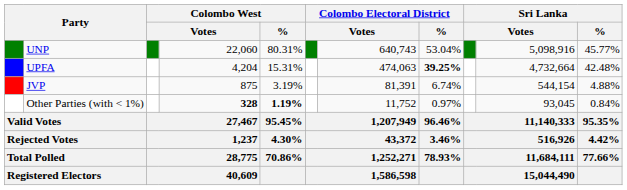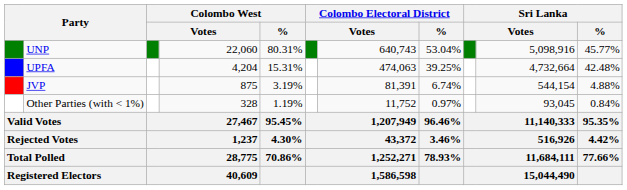 <table class="wikitable">
 <tr>
 <th colspan="2" width="144px"rowspan="2">Party</th>
 <th colspan="3" width="216px">Colombo West</th>
 <th colspan="3" width="216px"><a href='#'>Colombo Electoral District</a></th>
 <th colspan="3" width="216px">Sri Lanka</th>
 </tr>
 <tr>
 <th colspan="2" width="144px">Votes</th>
 <th>%</th>
 <th colspan="2" width="144px">Votes</th>
 <th>%</th>
 <th colspan="2" width="144px">Votes</th>
 <th>%</th>
 </tr>
 <tr>
 <td style="background-color:green;" width="20px"></td>
 <td style="text-align:left;"><a href='#'>UNP</a></td>
 <td style="background-color:green;" width="10px"></td>
 <td style="text-align:right;">22,060</td>
 <td style="text-align:right;">80.31%</td>
 <td style="background-color:green;" width="10px"></td>
 <td style="text-align:right;">640,743</td>
 <td style="text-align:right;">53.04%</td>
 <td style="background-color:green;" width="10px"></td>
 <td style="text-align:right;">5,098,916</td>
 <td style="text-align:right;">45.77%</td>
 </tr>
 <tr>
 <td style="background-color:blue;" width="20px"></td>
 <td style="text-align:left;"><a href='#'>UPFA</a></td>
 <td style="background-color:white;" width="10px"></td>
 <td style="text-align:right;">4,204</td>
 <td style="text-align:right;">15.31%</td>
 <td style="background-color:white;" width="10px"></td>
 <td style="text-align:right;">474,063</td>
-<td style="text-align:right;"><strong>39.25%</strong></td>
+<td style="text-align:right;">39.25%</td>
 <td style="background-color:white;" width="10px"></td>
 <td style="text-align:right;">4,732,664</td>
 <td style="text-align:right;">42.48%</td>
 </tr>
 <tr>
 <td style="background-color:red;" width="20px"></td>
 <td style="text-align:left;"><a href='#'>JVP</a></td>
 <td style="background-color:white;" width="10px"></td>
 <td style="text-align:right;">875</td>
 <td style="text-align:right;">3.19%</td>
 <td style="background-color:white;" width="10px"></td>
 <td style="text-align:right;">81,391</td>
 <td style="text-align:right;">6.74%</td>
 <td style="background-color:white;" width="10px"></td>
 <td style="text-align:right;">544,154</td>
 <td style="text-align:right;">4.88%</td>
 </tr>
 <tr>
 <td style="background-color:white;" width="20px"></td>
 <td style="text-align:left;">Other Parties (with < 1%)</td>
 <td style="background-color:white;" width="10px"></td>
-<td style="text-align:right;"><strong>328</strong></td>
-<td style="text-align:right;"><strong>1.19%</strong></td>
+<td style="text-align:right;">328</td>
+<td style="text-align:right;">1.19%</td>
 <td style="background-color:white;" width="10px"></td>
 <td style="text-align:right;">11,752</td>
 <td style="text-align:right;">0.97%</td>
 <td style="background-color:white;" width="10px"></td>
 <td style="text-align:right;">93,045</td>
 <td style="text-align:right;">0.84%</td>
 </tr>
 <tr>
 <th colspan="2" width="144px"style="text-align:left;">Valid Votes</th>
 <th style="text-align:right;"colspan="2" width="144px">27,467</th>
 <th style="text-align:right;">95.45%</th>
 <th style="text-align:right;"colspan="2" width="144px">1,207,949</th>
 <th style="text-align:right;">96.46%</th>
 <th style="text-align:right;"colspan="2" width="144px">11,140,333</th>
 <th style="text-align:right;">95.35%</th>
 </tr>
 <tr>
 <th colspan="2" width="144px"style="text-align:left;">Rejected Votes</th>
 <th style="text-align:right;"colspan="2" width="144px">1,237</th>
 <th style="text-align:right;">4.30%</th>
 <th style="text-align:right;"colspan="2" width="144px">43,372</th>
 <th style="text-align:right;">3.46%</th>
 <th style="text-align:right;"colspan="2" width="144px">516,926</th>
 <th style="text-align:right;">4.42%</th>
 </tr>
 <tr>
 <th colspan="2" width="144px"style="text-align:left;">Total Polled</th>
 <th style="text-align:right;"colspan="2" width="144px">28,775</th>
 <th style="text-align:right;">70.86%</th>
 <th style="text-align:right;"colspan="2" width="144px">1,252,271</th>
 <th style="text-align:right;">78.93%</th>
 <th style="text-align:right;"colspan="2" width="144px">11,684,111</th>
 <th style="text-align:right;">77.66%</th>
 </tr>
 <tr>
 <th colspan="2" width="144px"style="text-align:left;">Registered Electors</th>
 <th style="text-align:right;"colspan="2" width="144px">40,609</th>
 <th></th>
 <th style="text-align:right;"colspan="2" width="144px">1,586,598</th>
 <th></th>
 <th style="text-align:right;"colspan="2" width="144px">15,044,490</th>
 <th></th>
 </tr>
 </table>
